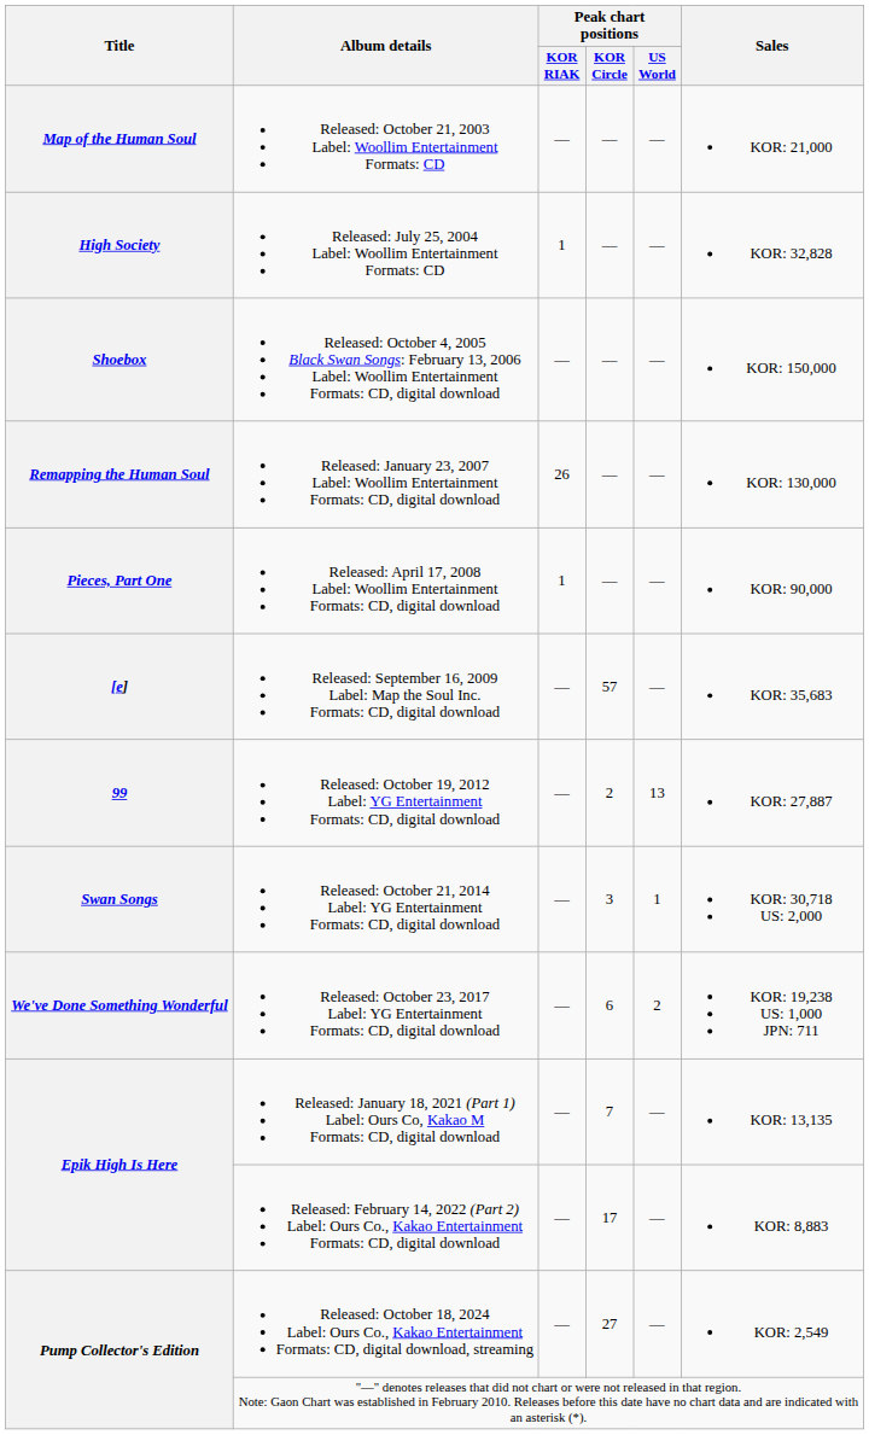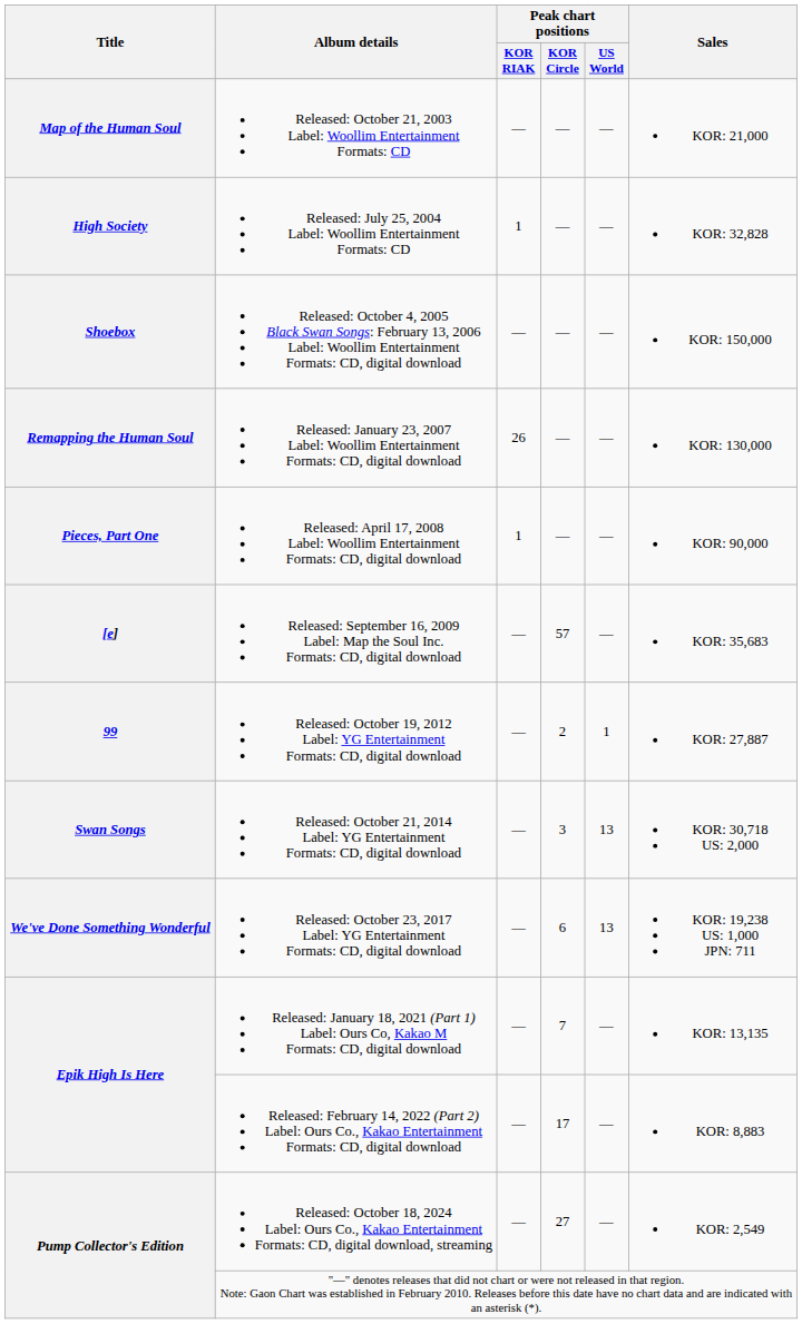 <table class="wikitable plainrowheaders" style="text-align:center;">
 <tr>
 <th scope="col" rowspan="2" style="width:14.5em;">Title</th>
 <th scope="col" rowspan="2" style="width:19.5em;">Album details</th>
 <th colspan="3">Peak chart <br>positions</th>
 <th scope="col" rowspan="2" style="width:11.5em;">Sales</th>
 </tr>
 <tr>
 <th scope="col" style="width:3em;font-size:90%;"><a href='#'>KOR RIAK</a><br></th>
 <th scope="col" style="width:3em;font-size:90%;"><a href='#'>KOR Circle</a><br></th>
 <th scope="col" style="width:3em;font-size:90%;"><a href='#'>US World</a><br></th>
 </tr>
 <tr>
 <th scope="row"><em><a href='#'>Map of the Human Soul</a></em></th>
 <td><br><ul><li>Released: October 21, 2003</li><li>Label: <a href='#'>Woollim Entertainment</a></li><li>Formats: <a href='#'>CD</a></li></ul></td>
 <td>—</td>
 <td>—</td>
 <td>—</td>
 <td><br><ul><li>KOR: 21,000</li></ul></td>
 </tr>
 <tr>
 <th scope="row"><em><a href='#'>High Society</a></em></th>
 <td><br><ul><li>Released: July 25, 2004</li><li>Label: Woollim Entertainment</li><li>Formats: CD</li></ul></td>
 <td>1</td>
 <td>—</td>
 <td>—</td>
 <td><br><ul><li>KOR: 32,828</li></ul></td>
 </tr>
 <tr>
 <th scope="row"><em><a href='#'>Shoebox</a></em></th>
 <td><br><ul><li>Released: October 4, 2005</li><li><em><a href='#'>Black Swan Songs</a></em>: February 13, 2006</li><li>Label: Woollim Entertainment</li><li>Formats: CD, digital download</li></ul></td>
 <td>—</td>
 <td>—</td>
 <td>—</td>
 <td><br><ul><li>KOR: 150,000</li></ul></td>
 </tr>
 <tr>
 <th scope="row"><em><a href='#'>Remapping the Human Soul</a></em></th>
 <td><br><ul><li>Released: January 23, 2007</li><li>Label: Woollim Entertainment</li><li>Formats: CD, digital download</li></ul></td>
 <td>26</td>
 <td>—</td>
 <td>—</td>
 <td><br><ul><li>KOR: 130,000</li></ul></td>
 </tr>
 <tr>
 <th scope="row"><em><a href='#'>Pieces, Part One</a></em></th>
 <td><br><ul><li>Released: April 17, 2008</li><li>Label: Woollim Entertainment</li><li>Formats: CD, digital download</li></ul></td>
 <td>1</td>
 <td>—</td>
 <td>—</td>
 <td><br><ul><li>KOR: 90,000</li></ul></td>
 </tr>
 <tr>
 <th scope="row"><em><a href='#'>[e</a>]</em></th>
 <td><br><ul><li>Released: September 16, 2009</li><li>Label: Map the Soul Inc.</li><li>Formats: CD, digital download</li></ul></td>
 <td>—</td>
 <td>57</td>
 <td>—</td>
 <td><br><ul><li>KOR: 35,683</li></ul></td>
 </tr>
 <tr>
 <th scope="row"><em><a href='#'>99</a></em></th>
 <td><br><ul><li>Released: October 19, 2012</li><li>Label: <a href='#'>YG Entertainment</a></li><li>Formats: CD, digital download</li></ul></td>
 <td>—</td>
 <td>2</td>
-<td>13</td>
+<td>1</td>
 <td><br><ul><li>KOR: 27,887</li></ul></td>
 </tr>
 <tr>
 <th scope="row"><em><a href='#'>Swan Songs</a></em></th>
 <td><br><ul><li>Released: October 21, 2014</li><li>Label: YG Entertainment</li><li>Formats: CD, digital download</li></ul></td>
 <td>—</td>
 <td>3</td>
-<td>1</td>
+<td>13</td>
 <td><br><ul><li>KOR: 30,718</li><li>US: 2,000</li></ul></td>
 </tr>
 <tr>
 <th scope="row"><em><a href='#'>We've Done Something Wonderful</a></em></th>
 <td><br><ul><li>Released: October 23, 2017</li><li>Label: YG Entertainment</li><li>Formats: CD, digital download</li></ul></td>
 <td>—</td>
 <td>6</td>
-<td>2</td>
+<td>13</td>
 <td><br><ul><li>KOR: 19,238</li><li>US: 1,000</li><li>JPN: 711</li></ul></td>
 </tr>
 <tr>
 <th scope="row" rowspan="2"><em><a href='#'>Epik High Is Here</a></em></th>
 <td><br><ul><li>Released: January 18, 2021 <em>(Part 1)</em></li><li>Label: Ours Co, <a href='#'>Kakao M</a></li><li>Formats: CD, digital download</li></ul></td>
 <td>—</td>
 <td>7</td>
 <td>—</td>
 <td><br><ul><li>KOR: 13,135</li></ul></td>
 </tr>
 <tr>
 <td><br><ul><li>Released: February 14, 2022 <em>(Part 2)</em></li><li>Label: Ours Co., <a href='#'>Kakao Entertainment</a></li><li>Formats: CD, digital download</li></ul></td>
 <td>—</td>
 <td>17</td>
 <td>—</td>
 <td><br><ul><li>KOR: 8,883</li></ul></td>
 </tr>
 <tr>
 <th scope="row" rowspan="2"><em>Pump Collector's Edition</em></th>
 <td><br><ul><li>Released: October 18, 2024</li><li>Label: Ours Co., <a href='#'>Kakao Entertainment</a></li><li>Formats: CD, digital download, streaming</li></ul></td>
 <td>—</td>
 <td>27</td>
 <td>—</td>
 <td><br><ul><li>KOR: 2,549</li></ul></td>
 </tr>
 <tr>
 <td colspan="6" style="font-size:85%">"—" denotes releases that did not chart or were not released in that region.<br>Note: Gaon Chart was established in February 2010. Releases before this date have no chart data and are indicated with an asterisk (*).</td>
 </tr>
 </table>
